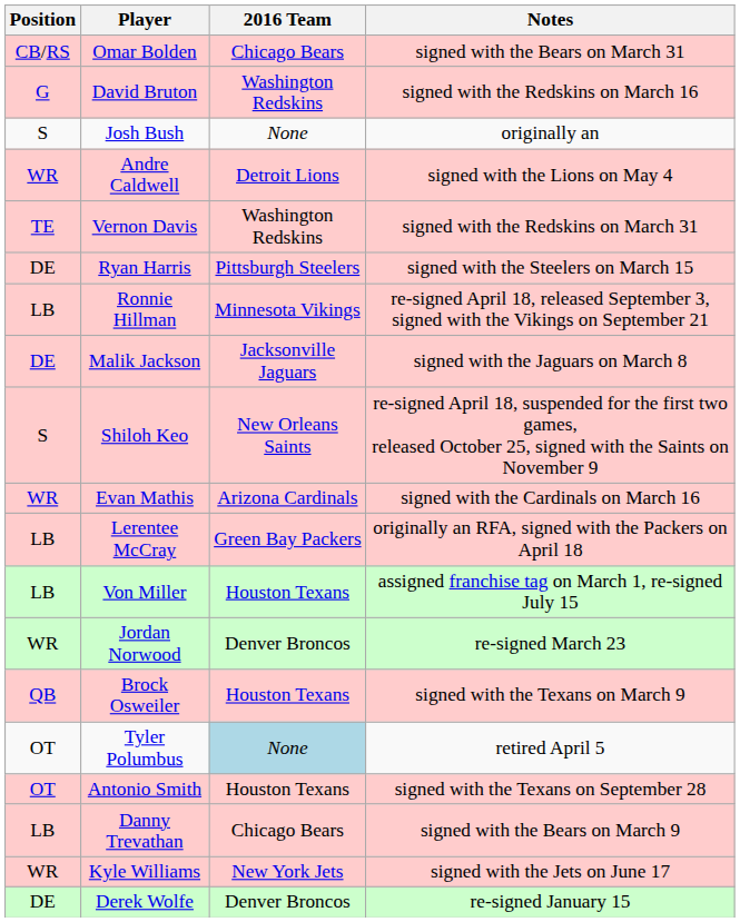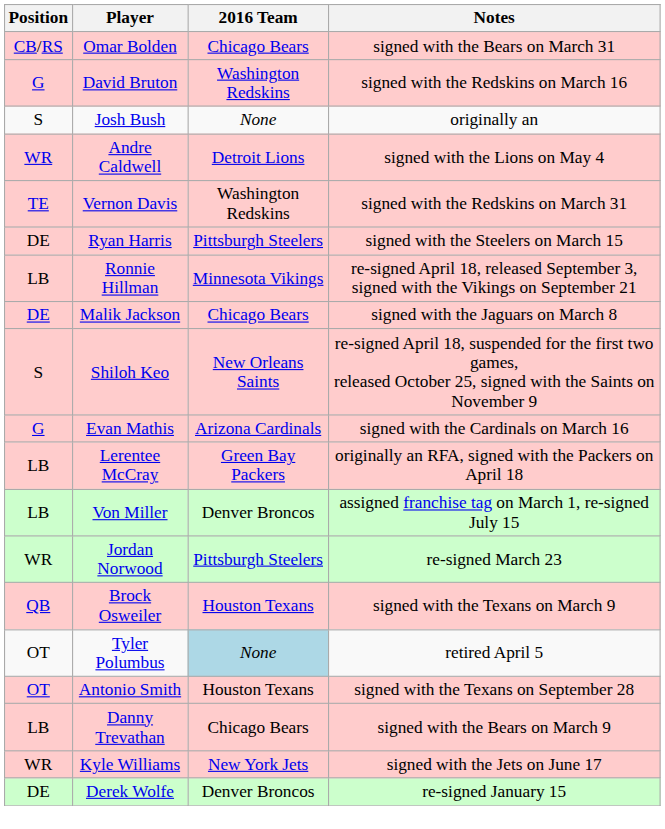 <table class="wikitable" style="text-align:center">
 <tr>
 <th>Position</th>
 <th>Player</th>
 <th>2016 Team</th>
 <th>Notes</th>
 </tr>
 <tr style="background:#fcc">
 <td><a href='#'>CB</a>/<a href='#'>RS</a></td>
 <td><a href='#'>Omar Bolden</a></td>
 <td><a href='#'>Chicago Bears</a></td>
 <td>signed with the Bears on March 31</td>
 </tr>
 <tr style="background:#fcc">
 <td><a href='#'>G</a></td>
 <td><a href='#'>David Bruton</a></td>
 <td><a href='#'>Washington Redskins</a></td>
 <td>signed with the Redskins on March 16</td>
 </tr>
 <tr style="background:#">
 <td>S</td>
 <td><a href='#'>Josh Bush</a></td>
 <td><em>None</em></td>
 <td>originally an </td>
 </tr>
 <tr style="background:#fcc">
 <td><a href='#'>WR</a></td>
 <td><a href='#'>Andre Caldwell</a></td>
 <td><a href='#'>Detroit Lions</a></td>
 <td>signed with the Lions on May 4</td>
 </tr>
 <tr style="background:#fcc">
 <td><a href='#'>TE</a></td>
 <td><a href='#'>Vernon Davis</a></td>
 <td>Washington Redskins</td>
 <td>signed with the Redskins on March 31</td>
 </tr>
 <tr style="background:#fcc">
 <td>DE</td>
 <td><a href='#'>Ryan Harris</a></td>
 <td><a href='#'>Pittsburgh Steelers</a></td>
 <td>signed with the Steelers on March 15</td>
 </tr>
 <tr style="background:#fcc">
 <td>LB</td>
 <td><a href='#'>Ronnie Hillman</a></td>
 <td><a href='#'>Minnesota Vikings</a></td>
 <td>re-signed April 18, released September 3,<br>signed with the Vikings on September 21</td>
 </tr>
 <tr style="background:#fcc">
 <td><a href='#'>DE</a></td>
 <td><a href='#'>Malik Jackson</a></td>
-<td><a href='#'>Jacksonville Jaguars</a></td>
+<td><a href='#'>Chicago Bears</a></td>
 <td>signed with the Jaguars on March 8</td>
 </tr>
 <tr style="background:#fcc">
 <td>S</td>
 <td><a href='#'>Shiloh Keo</a></td>
 <td><a href='#'>New Orleans Saints</a></td>
 <td>re-signed April 18, suspended for the first two games,<br>released October 25, signed with the Saints on November 9</td>
 </tr>
 <tr style="background:#fcc">
-<td><a href='#'>WR</a></td>
+<td><a href='#'>G</a></td>
 <td><a href='#'>Evan Mathis</a></td>
 <td><a href='#'>Arizona Cardinals</a></td>
 <td>signed with the Cardinals on March 16</td>
 </tr>
 <tr style="background:#fcc">
 <td>LB</td>
 <td><a href='#'>Lerentee McCray</a></td>
 <td><a href='#'>Green Bay Packers</a></td>
 <td>originally an RFA, signed with the Packers on April 18</td>
 </tr>
 <tr style="background:#cfc">
 <td>LB</td>
 <td><a href='#'>Von Miller</a></td>
-<td><a href='#'>Houston Texans</a></td>
+<td>Denver Broncos</td>
 <td>assigned <a href='#'>franchise tag</a> on March 1, re-signed July 15</td>
 </tr>
 <tr style="background:#cfc">
 <td>WR</td>
 <td><a href='#'>Jordan Norwood</a></td>
-<td>Denver Broncos</td>
+<td><a href='#'>Pittsburgh Steelers</a></td>
 <td>re-signed March 23</td>
 </tr>
 <tr style="background:#fcc">
 <td><a href='#'>QB</a></td>
 <td><a href='#'>Brock Osweiler</a></td>
 <td><a href='#'>Houston Texans</a></td>
 <td>signed with the Texans on March 9</td>
 </tr>
 <tr>
 <td>OT</td>
 <td><a href='#'>Tyler Polumbus</a></td>
 <td style="background: lightblue;"><em>None</em></td>
 <td>retired April 5</td>
 </tr>
 <tr style="background:#fcc">
 <td><a href='#'>OT</a></td>
 <td><a href='#'>Antonio Smith</a></td>
 <td>Houston Texans</td>
 <td>signed with the Texans on September 28</td>
 </tr>
 <tr style="background:#fcc">
 <td>LB</td>
 <td><a href='#'>Danny Trevathan</a></td>
 <td>Chicago Bears</td>
 <td>signed with the Bears on March 9</td>
 </tr>
 <tr style="background:#fcc">
 <td>WR</td>
 <td><a href='#'>Kyle Williams</a></td>
 <td><a href='#'>New York Jets</a></td>
 <td>signed with the Jets on June 17</td>
 </tr>
 <tr style="background:#cfc">
 <td>DE</td>
 <td><a href='#'>Derek Wolfe</a></td>
 <td>Denver Broncos</td>
 <td>re-signed January 15</td>
 </tr>
 </table>
